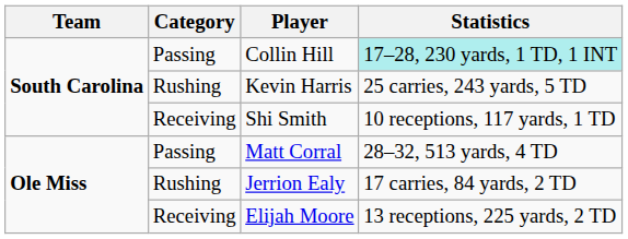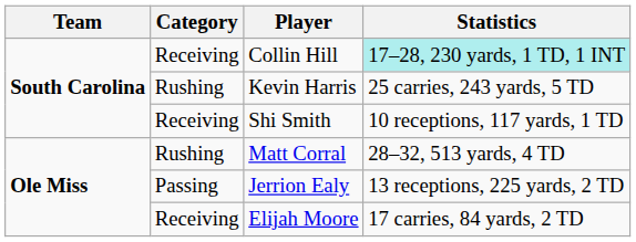 <table class="wikitable" style="float: right;">
 <tr>
 <th>Team</th>
 <th>Category</th>
 <th>Player</th>
 <th>Statistics</th>
 </tr>
 <tr>
 <td rowspan=3><strong>South Carolina</strong></td>
-<td>Passing</td>
+<td>Receiving</td>
 <td>Collin Hill</td>
 <td style="background: paleturquoise;">17–28, 230 yards, 1 TD, 1 INT</td>
 </tr>
 <tr>
 <td>Rushing</td>
 <td>Kevin Harris</td>
 <td>25 carries, 243 yards, 5 TD</td>
 </tr>
 <tr>
 <td>Receiving</td>
 <td>Shi Smith</td>
 <td>10 receptions, 117 yards, 1 TD</td>
 </tr>
 <tr>
 <td rowspan=3><strong>Ole Miss</strong></td>
-<td>Passing</td>
+<td>Rushing</td>
 <td><a href='#'>Matt Corral</a></td>
 <td>28–32, 513 yards, 4 TD</td>
 </tr>
 <tr>
-<td>Rushing</td>
+<td>Passing</td>
 <td><a href='#'>Jerrion Ealy</a></td>
-<td>17 carries, 84 yards, 2 TD</td>
+<td>13 receptions, 225 yards, 2 TD</td>
 </tr>
 <tr>
 <td>Receiving</td>
 <td><a href='#'>Elijah Moore</a></td>
-<td>13 receptions, 225 yards, 2 TD</td>
+<td>17 carries, 84 yards, 2 TD</td>
 </tr>
 </table>
